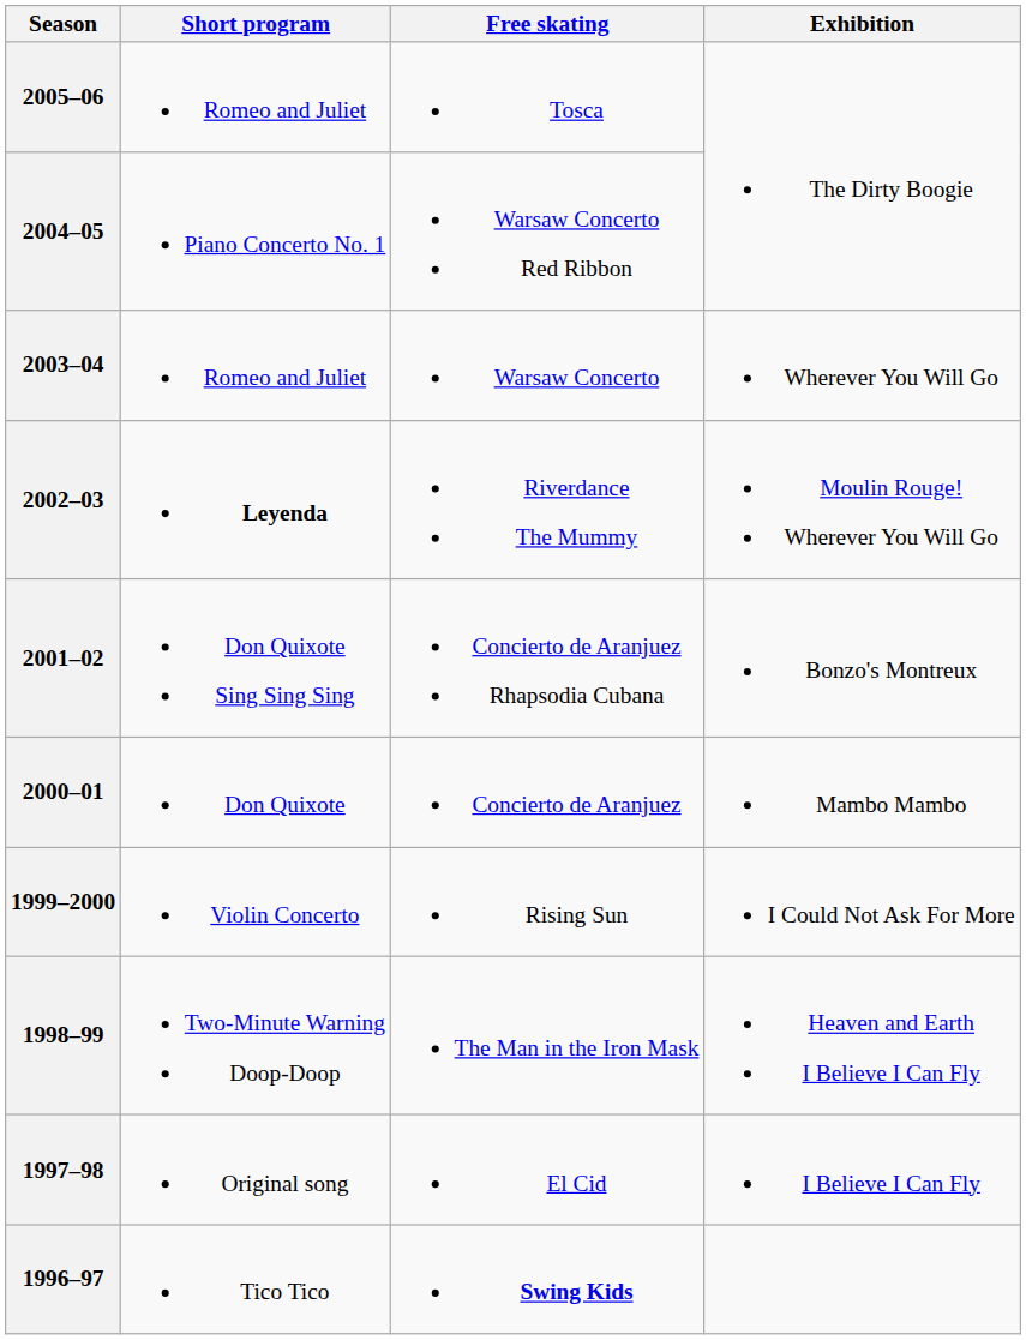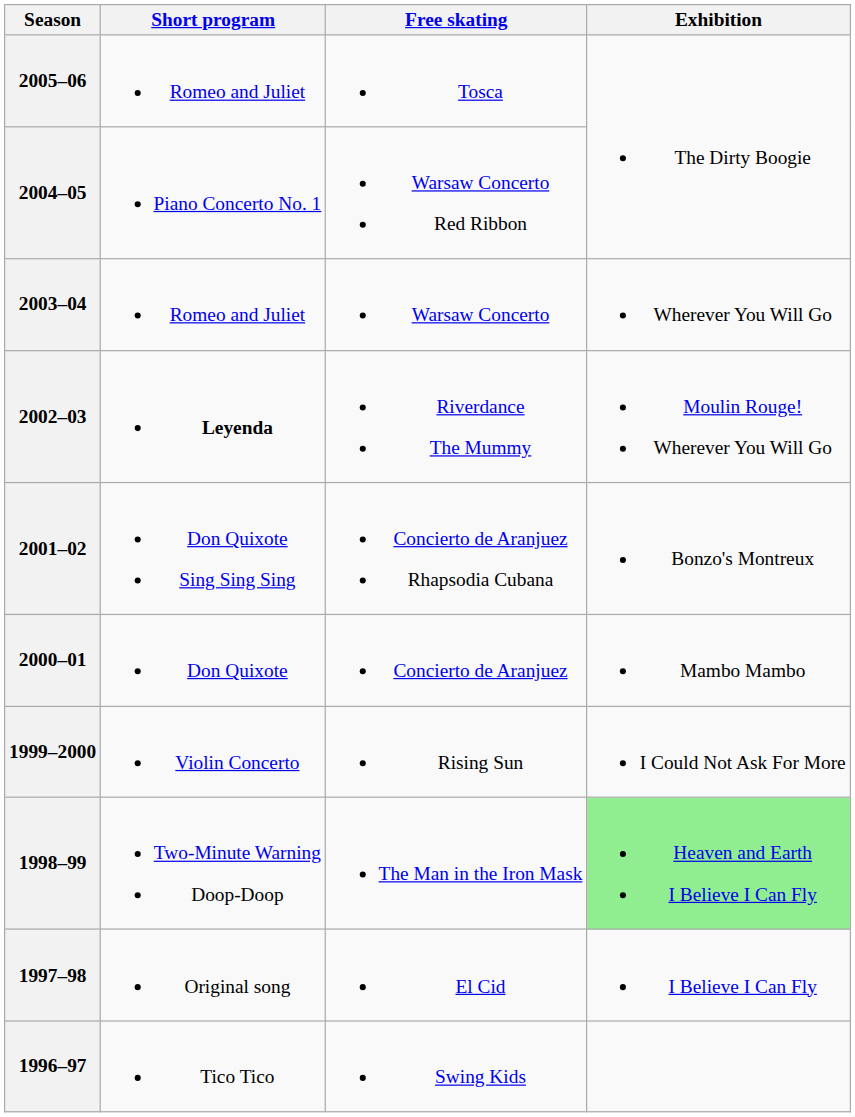 <table class="wikitable" style="text-align:center">
 <tr>
 <th>Season</th>
 <th><a href='#'>Short program</a></th>
 <th><a href='#'>Free skating</a></th>
 <th>Exhibition</th>
 </tr>
 <tr>
 <th>2005–06 <br> </th>
 <td><br><ul><li><a href='#'>Romeo and Juliet</a> <br> </li></ul></td>
 <td><br><ul><li><a href='#'>Tosca</a> <br> </li></ul></td>
 <td rowspan=2><br><ul><li>The Dirty Boogie <br> </li></ul></td>
 </tr>
 <tr>
 <th>2004–05 <br> </th>
 <td><br><ul><li><a href='#'>Piano Concerto No. 1</a> <br> </li></ul></td>
 <td><br><ul><li><a href='#'>Warsaw Concerto</a> <br> </li></ul><ul><li>Red Ribbon <br> </li></ul></td>
 </tr>
 <tr>
 <th>2003–04 <br> </th>
 <td><br><ul><li><a href='#'>Romeo and Juliet</a> <br> </li></ul></td>
 <td><br><ul><li><a href='#'>Warsaw Concerto</a> <br> </li></ul></td>
 <td><br><ul><li>Wherever You Will Go <br> </li></ul></td>
 </tr>
 <tr>
 <th>2002–03 <br> </th>
 <td><strong><br><ul><li>Leyenda <br> </li></ul></strong></td>
 <td><br><ul><li><a href='#'>Riverdance</a> <br> </li></ul><ul><li><a href='#'>The Mummy</a> <br> </li></ul></td>
 <td><br><ul><li><a href='#'>Moulin Rouge!</a> <br> </li></ul><ul><li>Wherever You Will Go <br> </li></ul></td>
 </tr>
 <tr>
 <th>2001–02 <br> </th>
 <td><br><ul><li><a href='#'>Don Quixote</a> <br> </li></ul><ul><li><a href='#'>Sing Sing Sing</a> <br> </li></ul></td>
 <td><br><ul><li><a href='#'>Concierto de Aranjuez</a> <br> </li></ul><ul><li>Rhapsodia Cubana <br> </li></ul></td>
 <td><br><ul><li>Bonzo's Montreux <br> </li></ul></td>
 </tr>
 <tr>
 <th>2000–01 <br> </th>
 <td><br><ul><li><a href='#'>Don Quixote</a> <br> </li></ul></td>
 <td><br><ul><li><a href='#'>Concierto de Aranjuez</a> <br> </li></ul></td>
 <td><br><ul><li>Mambo Mambo <br> </li></ul></td>
 </tr>
 <tr>
 <th>1999–2000</th>
 <td><br><ul><li><a href='#'>Violin Concerto</a> <br> </li></ul></td>
 <td><br><ul><li>Rising Sun <br> </li></ul></td>
 <td><br><ul><li>I Could Not Ask For More <br> </li></ul></td>
 </tr>
 <tr>
 <th>1998–99</th>
 <td><br><ul><li><a href='#'>Two-Minute Warning</a> <br> </li></ul><ul><li>Doop-Doop <br> </li></ul></td>
 <td><br><ul><li><a href='#'>The Man in the Iron Mask</a> <br> </li></ul></td>
-<td><br><ul><li><a href='#'>Heaven and Earth</a> <br> </li></ul><ul><li><a href='#'>I Believe I Can Fly</a> <br> </li></ul></td>
+<td style="background: lightgreen;"><br><ul><li><a href='#'>Heaven and Earth</a> <br> </li></ul><ul><li><a href='#'>I Believe I Can Fly</a> <br> </li></ul></td>
 </tr>
 <tr>
 <th>1997–98</th>
 <td><br><ul><li>Original song</li></ul></td>
 <td><br><ul><li><a href='#'>El Cid</a> <br> </li></ul></td>
 <td><br><ul><li><a href='#'>I Believe I Can Fly</a> <br> </li></ul></td>
 </tr>
 <tr>
 <th>1996–97 <br> </th>
 <td><br><ul><li>Tico Tico</li></ul></td>
-<td><strong><br><ul><li><a href='#'>Swing Kids</a></li></ul></strong></td>
+<td><br><ul><li><a href='#'>Swing Kids</a></li></ul></td>
 <td></td>
 </tr>
 </table>
